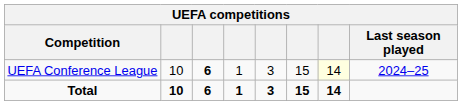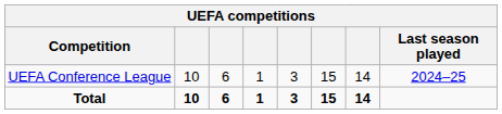 <table class="wikitable" style="font-size:95%; text-align: center;">
 <tr>
 <th colspan="8">UEFA competitions</th>
 </tr>
 <tr>
 <th>Competition</th>
 <th width="30"></th>
 <th width="30"></th>
 <th width="30"></th>
 <th width="30"></th>
 <th width="30"></th>
 <th width="30"></th>
 <th width="120">Last season played</th>
 </tr>
 <tr>
 <td><a href='#'>UEFA Conference League</a></td>
 <td>10</td>
-<td><strong>6</strong></td>
+<td>6</td>
 <td>1</td>
 <td>3</td>
 <td>15</td>
-<td style="background: lightyellow;">14</td>
+<td>14</td>
 <td><a href='#'>2024–25</a></td>
 </tr>
 <tr>
 <td><strong>Total</strong></td>
 <td><strong>10</strong></td>
 <td><strong>6</strong></td>
 <td><strong>1</strong></td>
 <td><strong>3</strong></td>
 <td><strong>15</strong></td>
 <td><strong>14</strong></td>
 <td></td>
 </tr>
 </table>
